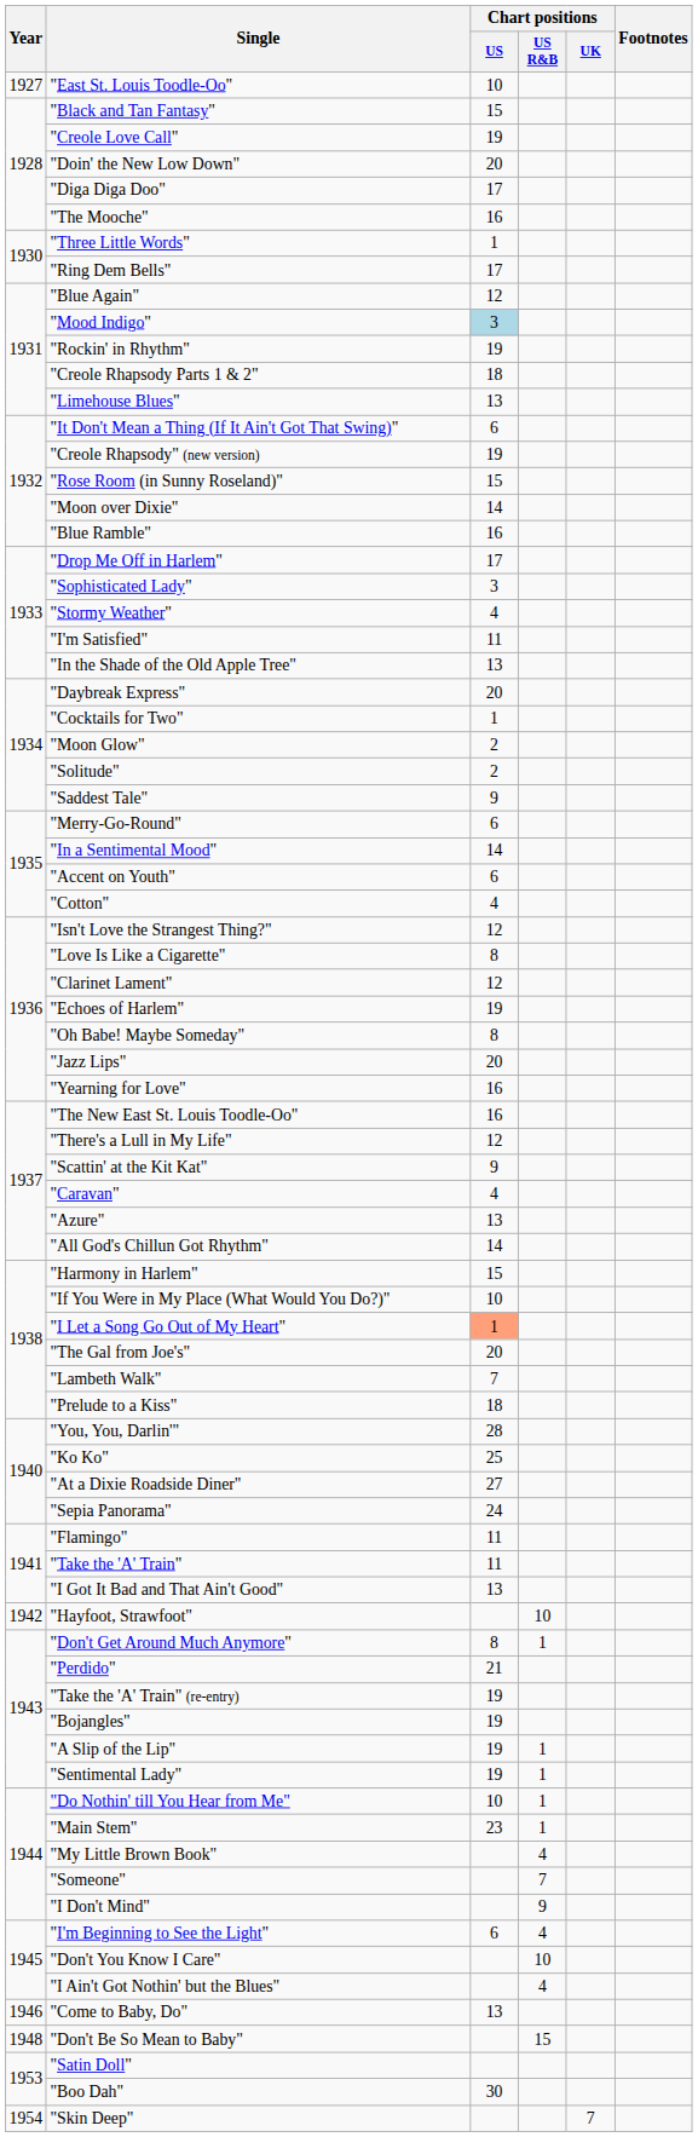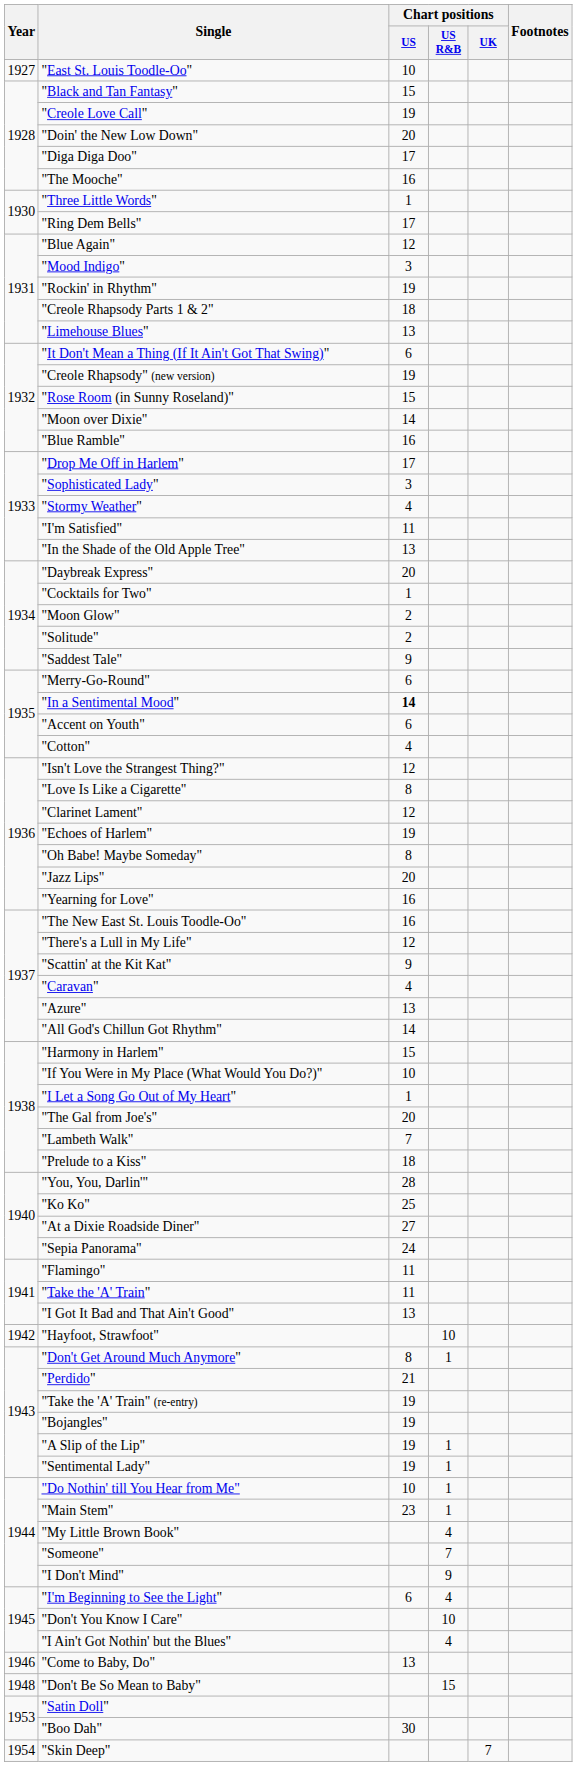 <table class="wikitable" style="text-align:center;">
 <tr>
 <th rowspan="2">Year</th>
 <th style="width:400px;" rowspan="2">Single</th>
 <th colspan="3">Chart positions</th>
 <th rowspan="2">Footnotes</th>
 </tr>
 <tr style="font-size:smaller;">
 <th style="width:40px;"><a href='#'>US</a></th>
 <th style="width:40px;"><a href='#'>US<br>R&B</a></th>
 <th style="width:40px;"><a href='#'>UK</a></th>
 </tr>
 <tr>
 <td>1927</td>
 <td style="text-align:left;">"<a href='#'>East St. Louis Toodle-Oo</a>"</td>
 <td>10</td>
 <td></td>
 <td></td>
 <td></td>
 </tr>
 <tr>
 <td rowspan="5">1928</td>
 <td style="text-align:left;">"<a href='#'>Black and Tan Fantasy</a>"</td>
 <td>15</td>
 <td></td>
 <td></td>
 <td></td>
 </tr>
 <tr>
 <td style="text-align:left;">"<a href='#'>Creole Love Call</a>"</td>
 <td>19</td>
 <td></td>
 <td></td>
 <td></td>
 </tr>
 <tr>
 <td style="text-align:left;">"Doin' the New Low Down"</td>
 <td>20</td>
 <td></td>
 <td></td>
 <td></td>
 </tr>
 <tr>
 <td style="text-align:left;">"Diga Diga Doo"</td>
 <td>17</td>
 <td></td>
 <td></td>
 <td></td>
 </tr>
 <tr>
 <td style="text-align:left;">"The Mooche"</td>
 <td>16</td>
 <td></td>
 <td></td>
 <td></td>
 </tr>
 <tr>
 <td rowspan="2">1930</td>
 <td style="text-align:left;">"<a href='#'>Three Little Words</a>"</td>
 <td>1</td>
 <td></td>
 <td></td>
 <td></td>
 </tr>
 <tr>
 <td style="text-align:left;">"Ring Dem Bells"</td>
 <td>17</td>
 <td></td>
 <td></td>
 <td></td>
 </tr>
 <tr>
 <td rowspan="5">1931</td>
 <td style="text-align:left;">"Blue Again"</td>
 <td>12</td>
 <td></td>
 <td></td>
 <td></td>
 </tr>
 <tr>
 <td style="text-align:left;">"<a href='#'>Mood Indigo</a>"</td>
-<td style="background: lightblue;">3</td>
+<td>3</td>
 <td></td>
 <td></td>
 <td></td>
 </tr>
 <tr>
 <td style="text-align:left;">"Rockin' in Rhythm"</td>
 <td>19</td>
 <td></td>
 <td></td>
 <td></td>
 </tr>
 <tr>
 <td style="text-align:left;">"Creole Rhapsody Parts 1 & 2"</td>
 <td>18</td>
 <td></td>
 <td></td>
 <td></td>
 </tr>
 <tr>
 <td style="text-align:left;">"<a href='#'>Limehouse Blues</a>"</td>
 <td>13</td>
 <td></td>
 <td></td>
 <td></td>
 </tr>
 <tr>
 <td rowspan="5">1932</td>
 <td style="text-align:left;">"<a href='#'>It Don't Mean a Thing (If It Ain't Got That Swing)</a>"</td>
 <td>6</td>
 <td></td>
 <td></td>
 <td></td>
 </tr>
 <tr>
 <td style="text-align:left;">"Creole Rhapsody" <small>(new version)</small></td>
 <td>19</td>
 <td></td>
 <td></td>
 <td></td>
 </tr>
 <tr>
 <td style="text-align:left;">"<a href='#'>Rose Room</a> (in Sunny Roseland)"</td>
 <td>15</td>
 <td></td>
 <td></td>
 <td></td>
 </tr>
 <tr>
 <td style="text-align:left;">"Moon over Dixie"</td>
 <td>14</td>
 <td></td>
 <td></td>
 <td></td>
 </tr>
 <tr>
 <td style="text-align:left;">"Blue Ramble"</td>
 <td>16</td>
 <td></td>
 <td></td>
 <td></td>
 </tr>
 <tr>
 <td rowspan="5">1933</td>
 <td style="text-align:left;">"<a href='#'>Drop Me Off in Harlem</a>"</td>
 <td>17</td>
 <td></td>
 <td></td>
 <td></td>
 </tr>
 <tr>
 <td style="text-align:left;">"<a href='#'>Sophisticated Lady</a>"</td>
 <td>3</td>
 <td></td>
 <td></td>
 <td></td>
 </tr>
 <tr>
 <td style="text-align:left;">"<a href='#'>Stormy Weather</a>"</td>
 <td>4</td>
 <td></td>
 <td></td>
 <td></td>
 </tr>
 <tr>
 <td style="text-align:left;">"I'm Satisfied"</td>
 <td>11</td>
 <td></td>
 <td></td>
 <td></td>
 </tr>
 <tr>
 <td style="text-align:left;">"In the Shade of the Old Apple Tree"</td>
 <td>13</td>
 <td></td>
 <td></td>
 <td></td>
 </tr>
 <tr>
 <td rowspan="5">1934</td>
 <td style="text-align:left;">"Daybreak Express"</td>
 <td>20</td>
 <td></td>
 <td></td>
 <td></td>
 </tr>
 <tr>
 <td style="text-align:left;">"Cocktails for Two"</td>
 <td>1</td>
 <td></td>
 <td></td>
 <td></td>
 </tr>
 <tr>
 <td style="text-align:left;">"Moon Glow"</td>
 <td>2</td>
 <td></td>
 <td></td>
 <td></td>
 </tr>
 <tr>
 <td style="text-align:left;">"Solitude"</td>
 <td>2</td>
 <td></td>
 <td></td>
 <td></td>
 </tr>
 <tr>
 <td style="text-align:left;">"Saddest Tale"</td>
 <td>9</td>
 <td></td>
 <td></td>
 <td></td>
 </tr>
 <tr>
 <td rowspan="4">1935</td>
 <td style="text-align:left;">"Merry-Go-Round"</td>
 <td>6</td>
 <td></td>
 <td></td>
 <td></td>
 </tr>
 <tr>
 <td style="text-align:left;">"<a href='#'>In a Sentimental Mood</a>"</td>
-<td>14</td>
+<td><strong>14</strong></td>
 <td></td>
 <td></td>
 <td></td>
 </tr>
 <tr>
 <td style="text-align:left;">"Accent on Youth"</td>
 <td>6</td>
 <td></td>
 <td></td>
 <td></td>
 </tr>
 <tr>
 <td style="text-align:left;">"Cotton"</td>
 <td>4</td>
 <td></td>
 <td></td>
 <td></td>
 </tr>
 <tr>
 <td rowspan="7">1936</td>
 <td style="text-align:left;">"Isn't Love the Strangest Thing?"</td>
 <td>12</td>
 <td></td>
 <td></td>
 <td></td>
 </tr>
 <tr>
 <td style="text-align:left;">"Love Is Like a Cigarette"</td>
 <td>8</td>
 <td></td>
 <td></td>
 <td></td>
 </tr>
 <tr>
 <td style="text-align:left;">"Clarinet Lament"</td>
 <td>12</td>
 <td></td>
 <td></td>
 <td></td>
 </tr>
 <tr>
 <td style="text-align:left;">"Echoes of Harlem"</td>
 <td>19</td>
 <td></td>
 <td></td>
 <td></td>
 </tr>
 <tr>
 <td style="text-align:left;">"Oh Babe! Maybe Someday"</td>
 <td>8</td>
 <td></td>
 <td></td>
 <td></td>
 </tr>
 <tr>
 <td style="text-align:left;">"Jazz Lips"</td>
 <td>20</td>
 <td></td>
 <td></td>
 <td></td>
 </tr>
 <tr>
 <td style="text-align:left;">"Yearning for Love"</td>
 <td>16</td>
 <td></td>
 <td></td>
 <td></td>
 </tr>
 <tr>
 <td rowspan="6">1937</td>
 <td style="text-align:left;">"The New East St. Louis Toodle-Oo"</td>
 <td>16</td>
 <td></td>
 <td></td>
 <td></td>
 </tr>
 <tr>
 <td style="text-align:left;">"There's a Lull in My Life"</td>
 <td>12</td>
 <td></td>
 <td></td>
 <td></td>
 </tr>
 <tr>
 <td style="text-align:left;">"Scattin' at the Kit Kat"</td>
 <td>9</td>
 <td></td>
 <td></td>
 <td></td>
 </tr>
 <tr>
 <td style="text-align:left;">"<a href='#'>Caravan</a>"</td>
 <td>4</td>
 <td></td>
 <td></td>
 <td></td>
 </tr>
 <tr>
 <td style="text-align:left;">"Azure"</td>
 <td>13</td>
 <td></td>
 <td></td>
 <td></td>
 </tr>
 <tr>
 <td style="text-align:left;">"All God's Chillun Got Rhythm"</td>
 <td>14</td>
 <td></td>
 <td></td>
 <td></td>
 </tr>
 <tr>
 <td rowspan="6">1938</td>
 <td style="text-align:left;">"Harmony in Harlem"</td>
 <td>15</td>
 <td></td>
 <td></td>
 <td></td>
 </tr>
 <tr>
 <td style="text-align:left;">"If You Were in My Place (What Would You Do?)"</td>
 <td>10</td>
 <td></td>
 <td></td>
 <td></td>
 </tr>
 <tr>
 <td style="text-align:left;">"<a href='#'>I Let a Song Go Out of My Heart</a>"</td>
-<td style="background: lightsalmon;">1</td>
+<td>1</td>
 <td></td>
 <td></td>
 <td></td>
 </tr>
 <tr>
 <td style="text-align:left;">"The Gal from Joe's"</td>
 <td>20</td>
 <td></td>
 <td></td>
 <td></td>
 </tr>
 <tr>
 <td style="text-align:left;">"Lambeth Walk"</td>
 <td>7</td>
 <td></td>
 <td></td>
 <td></td>
 </tr>
 <tr>
 <td style="text-align:left;">"Prelude to a Kiss"</td>
 <td>18</td>
 <td></td>
 <td></td>
 <td></td>
 </tr>
 <tr>
 <td rowspan="4">1940</td>
 <td style="text-align:left;">"You, You, Darlin'"</td>
 <td>28</td>
 <td></td>
 <td></td>
 <td></td>
 </tr>
 <tr>
 <td style="text-align:left;">"Ko Ko"</td>
 <td>25</td>
 <td></td>
 <td></td>
 <td></td>
 </tr>
 <tr>
 <td style="text-align:left;">"At a Dixie Roadside Diner"</td>
 <td>27</td>
 <td></td>
 <td></td>
 <td></td>
 </tr>
 <tr>
 <td style="text-align:left;">"Sepia Panorama"</td>
 <td>24</td>
 <td></td>
 <td></td>
 <td></td>
 </tr>
 <tr>
 <td rowspan="3">1941</td>
 <td style="text-align:left;">"Flamingo"</td>
 <td>11</td>
 <td></td>
 <td></td>
 <td></td>
 </tr>
 <tr>
 <td style="text-align:left;">"<a href='#'>Take the 'A' Train</a>"</td>
 <td>11</td>
 <td></td>
 <td></td>
 <td></td>
 </tr>
 <tr>
 <td style="text-align:left;">"I Got It Bad and That Ain't Good"</td>
 <td>13</td>
 <td></td>
 <td></td>
 <td></td>
 </tr>
 <tr>
 <td>1942</td>
 <td style="text-align:left;">"Hayfoot, Strawfoot"</td>
 <td></td>
 <td>10</td>
 <td></td>
 <td></td>
 </tr>
 <tr>
 <td rowspan="6">1943</td>
 <td style="text-align:left;">"<a href='#'>Don't Get Around Much Anymore</a>"</td>
 <td>8</td>
 <td>1</td>
 <td></td>
 <td></td>
 </tr>
 <tr>
 <td style="text-align:left;">"<a href='#'>Perdido</a>"</td>
 <td>21</td>
 <td></td>
 <td></td>
 <td></td>
 </tr>
 <tr>
 <td style="text-align:left;">"Take the 'A' Train" <small>(re-entry)</small></td>
 <td>19</td>
 <td></td>
 <td></td>
 <td></td>
 </tr>
 <tr>
 <td style="text-align:left;">"Bojangles"</td>
 <td>19</td>
 <td></td>
 <td></td>
 <td></td>
 </tr>
 <tr>
 <td style="text-align:left;">"A Slip of the Lip"</td>
 <td>19</td>
 <td>1</td>
 <td></td>
 <td></td>
 </tr>
 <tr>
 <td style="text-align:left;">"Sentimental Lady"</td>
 <td>19</td>
 <td>1</td>
 <td></td>
 <td></td>
 </tr>
 <tr>
 <td rowspan="5">1944</td>
 <td style="text-align:left;"><a href='#'>"Do Nothin' till You Hear from Me"</a></td>
 <td>10</td>
 <td>1</td>
 <td></td>
 <td></td>
 </tr>
 <tr>
 <td style="text-align:left;">"Main Stem"</td>
 <td>23</td>
 <td>1</td>
 <td></td>
 <td></td>
 </tr>
 <tr>
 <td style="text-align:left;">"My Little Brown Book"</td>
 <td></td>
 <td>4</td>
 <td></td>
 <td></td>
 </tr>
 <tr>
 <td style="text-align:left;">"Someone"</td>
 <td></td>
 <td>7</td>
 <td></td>
 <td></td>
 </tr>
 <tr>
 <td style="text-align:left;">"I Don't Mind"</td>
 <td></td>
 <td>9</td>
 <td></td>
 <td></td>
 </tr>
 <tr>
 <td rowspan="3">1945</td>
 <td style="text-align:left;">"<a href='#'>I'm Beginning to See the Light</a>"</td>
 <td>6</td>
 <td>4</td>
 <td></td>
 <td></td>
 </tr>
 <tr>
 <td style="text-align:left;">"Don't You Know I Care"</td>
 <td></td>
 <td>10</td>
 <td></td>
 <td></td>
 </tr>
 <tr>
 <td style="text-align:left;">"I Ain't Got Nothin' but the Blues"</td>
 <td></td>
 <td>4</td>
 <td></td>
 <td></td>
 </tr>
 <tr>
 <td>1946</td>
 <td style="text-align:left;">"Come to Baby, Do"</td>
 <td>13</td>
 <td></td>
 <td></td>
 <td></td>
 </tr>
 <tr>
 <td>1948</td>
 <td style="text-align:left;">"Don't Be So Mean to Baby"</td>
 <td></td>
 <td>15</td>
 <td></td>
 <td></td>
 </tr>
 <tr>
 <td rowspan="2">1953</td>
 <td style="text-align:left;">"<a href='#'>Satin Doll</a>"</td>
 <td></td>
 <td></td>
 <td></td>
 <td></td>
 </tr>
 <tr>
 <td style="text-align:left;">"Boo Dah"</td>
 <td>30</td>
 <td></td>
 <td></td>
 <td></td>
 </tr>
 <tr>
 <td>1954</td>
 <td style="text-align:left;">"Skin Deep"</td>
 <td></td>
 <td></td>
 <td>7</td>
 <td></td>
 </tr>
 </table>
